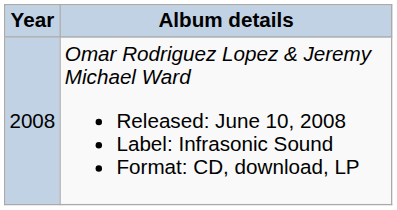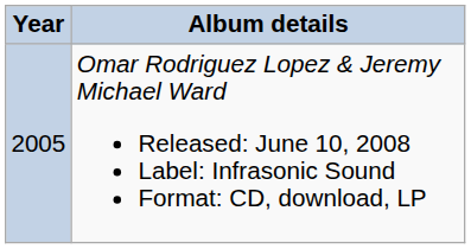 <table class ="wikitable">
 <tr>
 <th width="35" style="background: #c2d2e5">Year</th>
 <th width="250" style="background: #c2d2e5">Album details</th>
 </tr>
 <tr>
-<td style="background: #c2d2e5; text-align: center">2008</td>
+<td style="background: #c2d2e5; text-align: center">2005</td>
 <td><em>Omar Rodriguez Lopez & Jeremy Michael Ward</em><br><ul><li>Released:  June 10, 2008</li><li>Label: Infrasonic Sound</li><li>Format: CD, download, LP</li></ul></td>
 </tr>
 </table>
